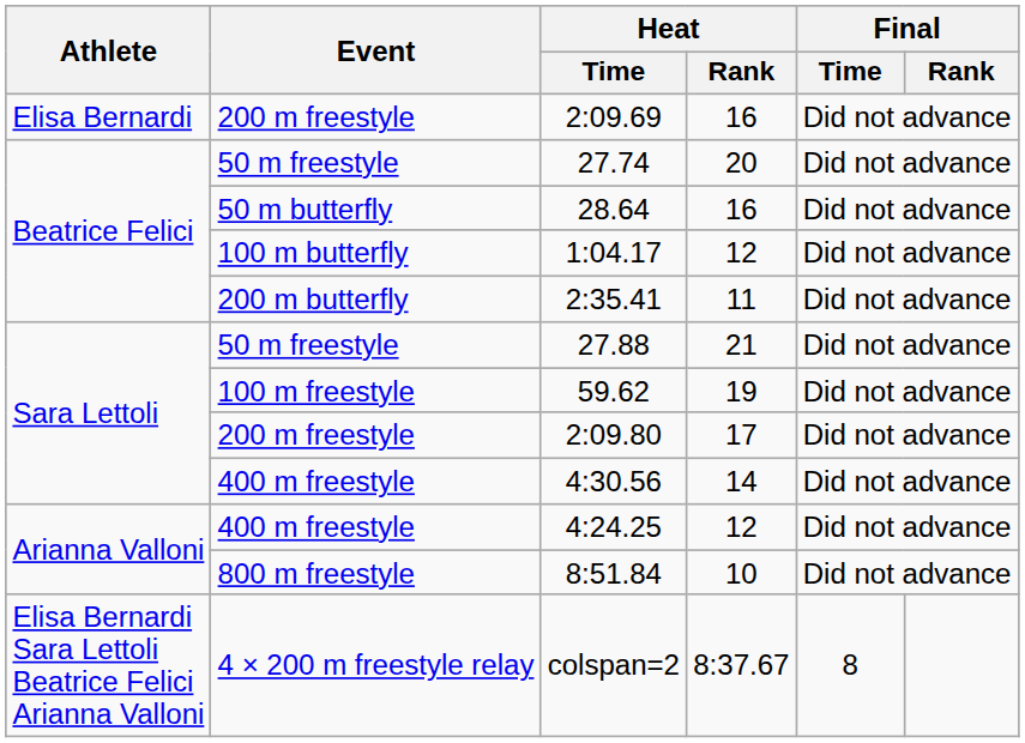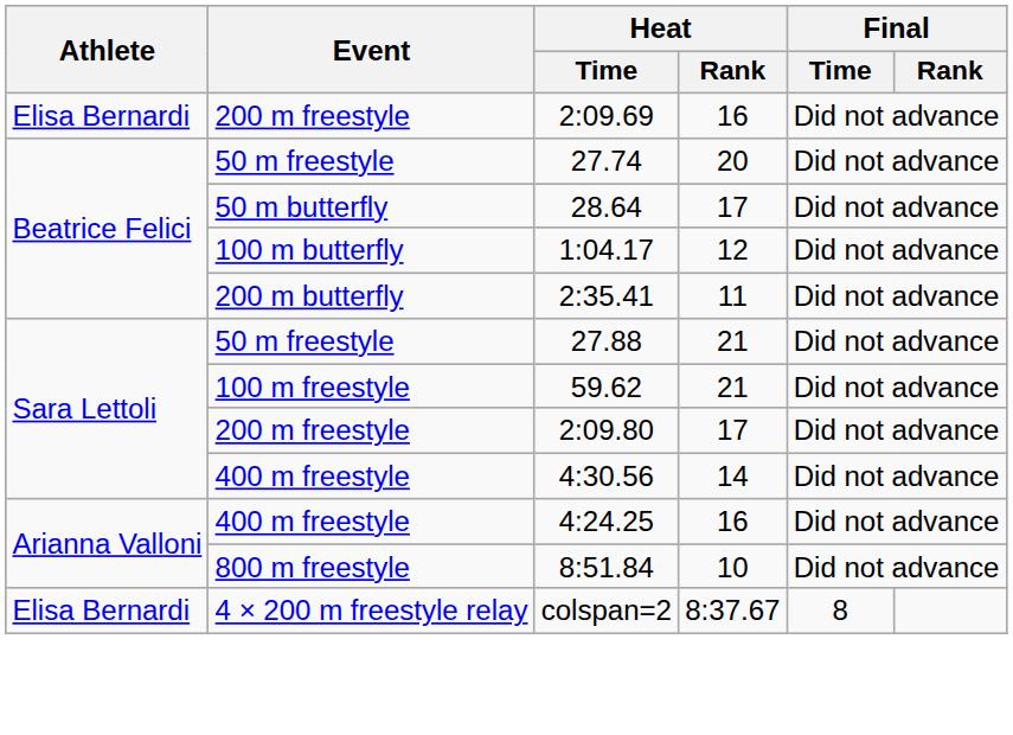 <table class="wikitable" style="font-size:90%">
 <tr>
 <th rowspan="2">Athlete</th>
 <th rowspan="2">Event</th>
 <th colspan="2">Heat</th>
 <th colspan="2">Final</th>
 </tr>
 <tr style="font-size:95%">
 <th>Time</th>
 <th>Rank</th>
 <th>Time</th>
 <th>Rank</th>
 </tr>
 <tr align="center">
 <td align="left"><a href='#'>Elisa Bernardi</a></td>
 <td align="left"><a href='#'>200 m freestyle</a></td>
 <td>2:09.69</td>
 <td>16</td>
 <td colspan="2">Did not advance</td>
 </tr>
 <tr align="center">
 <td rowspan="4" align="left"><a href='#'>Beatrice Felici</a></td>
 <td align="left"><a href='#'>50 m freestyle</a></td>
 <td>27.74</td>
 <td>20</td>
 <td colspan="2">Did not advance</td>
 </tr>
 <tr align="center">
 <td align="left"><a href='#'>50 m butterfly</a></td>
 <td>28.64</td>
-<td>16</td>
+<td>17</td>
 <td colspan="2">Did not advance</td>
 </tr>
 <tr align="center">
 <td align="left"><a href='#'>100 m butterfly</a></td>
 <td>1:04.17</td>
 <td>12</td>
 <td colspan="2">Did not advance</td>
 </tr>
 <tr align="center">
 <td align="left"><a href='#'>200 m butterfly</a></td>
 <td>2:35.41</td>
 <td>11</td>
 <td colspan="2">Did not advance</td>
 </tr>
 <tr align="center">
 <td rowspan="4" align="left"><a href='#'>Sara Lettoli</a></td>
 <td align="left"><a href='#'>50 m freestyle</a></td>
 <td>27.88</td>
 <td>21</td>
 <td colspan="2">Did not advance</td>
 </tr>
 <tr align="center">
 <td align="left"><a href='#'>100 m freestyle</a></td>
 <td>59.62</td>
-<td>19</td>
+<td>21</td>
 <td colspan="2">Did not advance</td>
 </tr>
 <tr align="center">
 <td align="left"><a href='#'>200 m freestyle</a></td>
 <td>2:09.80</td>
 <td>17</td>
 <td colspan="2">Did not advance</td>
 </tr>
 <tr align="center">
 <td align="left"><a href='#'>400 m freestyle</a></td>
 <td>4:30.56</td>
 <td>14</td>
 <td colspan="2">Did not advance</td>
 </tr>
 <tr align="center">
 <td rowspan="2"><a href='#'>Arianna Valloni</a></td>
 <td align="left"><a href='#'>400 m freestyle</a></td>
 <td>4:24.25</td>
-<td>12</td>
+<td>16</td>
 <td colspan="2">Did not advance</td>
 </tr>
 <tr align="center">
 <td align="left"><a href='#'>800 m freestyle</a></td>
 <td>8:51.84</td>
 <td>10</td>
 <td colspan="2">Did not advance</td>
 </tr>
 <tr align="center">
-<td align="left"><a href='#'>Elisa Bernardi</a><br><a href='#'>Sara Lettoli</a><br><a href='#'>Beatrice Felici</a><br><a href='#'>Arianna Valloni</a></td>
+<td align="left"><a href='#'>Elisa Bernardi</a></td>
 <td align="left"><a href='#'>4 × 200 m freestyle relay</a></td>
 <td>colspan=2 </td>
 <td>8:37.67</td>
 <td>8</td>
 </tr>
 </table>
